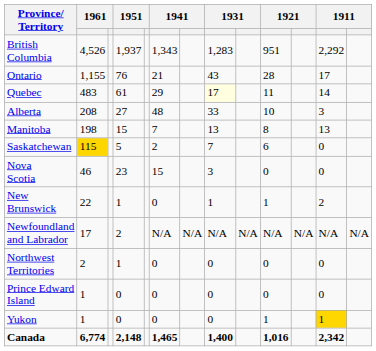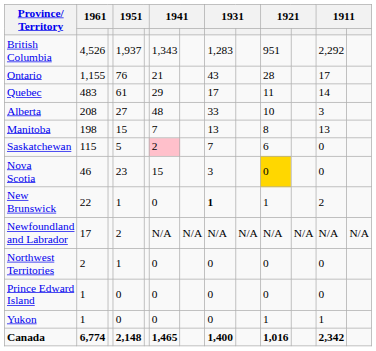 <table class="wikitable collapsible sortable">
 <tr>
 <th rowspan="2"><a href='#'>Province/<br>Territory</a></th>
 <th colspan="2">1961</th>
 <th colspan="2">1951</th>
 <th colspan="2">1941</th>
 <th colspan="2">1931</th>
 <th colspan="2">1921</th>
 <th colspan="2">1911</th>
 </tr>
 <tr>
 <th><a href='#'></a></th>
 <th></th>
 <th></th>
 <th></th>
 <th></th>
 <th></th>
 <th></th>
 <th></th>
 <th></th>
 <th></th>
 <th></th>
 <th></th>
 </tr>
 <tr>
 <td><a href='#'>British<br>Columbia</a></td>
 <td>4,526</td>
 <td></td>
 <td>1,937</td>
 <td></td>
 <td>1,343</td>
 <td></td>
 <td>1,283</td>
 <td></td>
 <td>951</td>
 <td></td>
 <td>2,292</td>
 <td></td>
 </tr>
 <tr>
 <td><a href='#'>Ontario</a></td>
 <td>1,155</td>
 <td></td>
 <td>76</td>
 <td></td>
 <td>21</td>
 <td></td>
 <td>43</td>
 <td></td>
 <td>28</td>
 <td></td>
 <td>17</td>
 <td></td>
 </tr>
 <tr>
 <td><a href='#'>Quebec</a></td>
 <td>483</td>
 <td></td>
 <td>61</td>
 <td></td>
 <td>29</td>
 <td></td>
-<td style="background: lightyellow;">17</td>
+<td>17</td>
 <td></td>
 <td>11</td>
 <td></td>
 <td>14</td>
 <td></td>
 </tr>
 <tr>
 <td><a href='#'>Alberta</a></td>
 <td>208</td>
 <td></td>
 <td>27</td>
 <td></td>
 <td>48</td>
 <td></td>
 <td>33</td>
 <td></td>
 <td>10</td>
 <td></td>
 <td>3</td>
 <td></td>
 </tr>
 <tr>
 <td><a href='#'>Manitoba</a></td>
 <td>198</td>
 <td></td>
 <td>15</td>
 <td></td>
 <td>7</td>
 <td></td>
 <td>13</td>
 <td></td>
 <td>8</td>
 <td></td>
 <td>13</td>
 <td></td>
 </tr>
 <tr>
 <td><a href='#'>Saskatchewan</a></td>
-<td style="background: gold;">115</td>
+<td>115</td>
 <td></td>
 <td>5</td>
 <td></td>
-<td>2</td>
+<td style="background: pink;">2</td>
 <td></td>
 <td>7</td>
 <td></td>
 <td>6</td>
 <td></td>
 <td>0</td>
 <td></td>
 </tr>
 <tr>
 <td><a href='#'>Nova<br>Scotia</a></td>
 <td>46</td>
 <td></td>
 <td>23</td>
 <td></td>
 <td>15</td>
 <td></td>
 <td>3</td>
 <td></td>
-<td>0</td>
+<td style="background: gold;">0</td>
 <td></td>
 <td>0</td>
 <td></td>
 </tr>
 <tr>
 <td><a href='#'>New<br>Brunswick</a></td>
 <td>22</td>
 <td></td>
 <td>1</td>
 <td></td>
 <td>0</td>
 <td></td>
-<td>1</td>
+<td><strong>1</strong></td>
 <td></td>
 <td>1</td>
 <td></td>
 <td>2</td>
 <td></td>
 </tr>
 <tr>
 <td><a href='#'>Newfoundland<br>and Labrador</a></td>
 <td>17</td>
 <td></td>
 <td>2</td>
 <td></td>
 <td>N/A</td>
 <td>N/A</td>
 <td>N/A</td>
 <td>N/A</td>
 <td>N/A</td>
 <td>N/A</td>
 <td>N/A</td>
 <td>N/A</td>
 </tr>
 <tr>
 <td><a href='#'>Northwest<br>Territories</a></td>
 <td>2</td>
 <td></td>
 <td>1</td>
 <td></td>
 <td>0</td>
 <td></td>
 <td>0</td>
 <td></td>
 <td>0</td>
 <td></td>
 <td>0</td>
 <td></td>
 </tr>
 <tr>
 <td><a href='#'>Prince Edward<br>Island</a></td>
 <td>1</td>
 <td></td>
 <td>0</td>
 <td></td>
 <td>0</td>
 <td></td>
 <td>0</td>
 <td></td>
 <td>0</td>
 <td></td>
 <td>0</td>
 <td></td>
 </tr>
 <tr>
 <td><a href='#'>Yukon</a></td>
 <td>1</td>
 <td></td>
 <td>0</td>
 <td></td>
 <td>0</td>
 <td></td>
 <td>0</td>
 <td></td>
 <td>1</td>
 <td></td>
-<td style="background: gold;">1</td>
+<td>1</td>
 <td></td>
 </tr>
 <tr>
 <td><strong>Canada</strong></td>
 <td><strong>6,774</strong></td>
 <td><strong></strong></td>
 <td><strong>2,148</strong></td>
 <td><strong></strong></td>
 <td><strong>1,465</strong></td>
 <td><strong></strong></td>
 <td><strong>1,400</strong></td>
 <td><strong></strong></td>
 <td><strong>1,016</strong></td>
 <td><strong></strong></td>
 <td><strong>2,342</strong></td>
 <td><strong></strong></td>
 </tr>
 </table>
